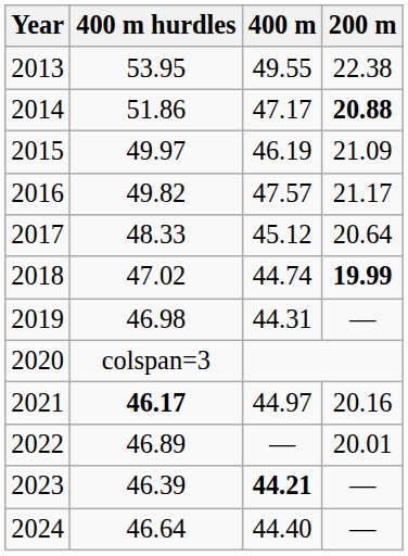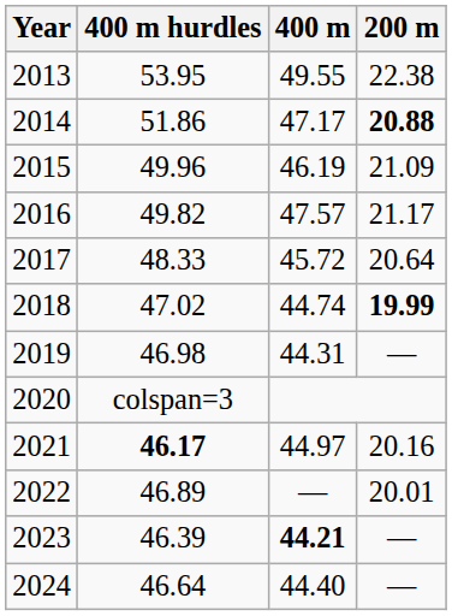 <table class="wikitable sortable" style=text-align:center>
 <tr>
 <th>Year</th>
 <th>400 m hurdles</th>
 <th>400 m</th>
 <th>200 m</th>
 </tr>
 <tr>
 <td>2013</td>
 <td>53.95</td>
 <td>49.55</td>
 <td>22.38</td>
 </tr>
 <tr>
 <td>2014</td>
 <td>51.86</td>
 <td>47.17</td>
 <td><strong>20.88</strong></td>
 </tr>
 <tr>
 <td>2015</td>
-<td>49.97</td>
+<td>49.96</td>
 <td>46.19</td>
 <td>21.09</td>
 </tr>
 <tr>
 <td>2016</td>
 <td>49.82</td>
 <td>47.57</td>
 <td>21.17</td>
 </tr>
 <tr>
 <td>2017</td>
 <td>48.33</td>
-<td>45.12</td>
+<td>45.72</td>
 <td>20.64</td>
 </tr>
 <tr>
 <td>2018</td>
 <td>47.02</td>
 <td>44.74</td>
 <td><strong>19.99</strong></td>
 </tr>
 <tr>
 <td>2019</td>
 <td>46.98</td>
 <td>44.31</td>
 <td data-sort-value=999>—</td>
 </tr>
 <tr>
 <td>2020</td>
 <td>colspan=3 </td>
 </tr>
 <tr>
 <td>2021</td>
 <td><strong>46.17</strong></td>
 <td>44.97</td>
 <td>20.16</td>
 </tr>
 <tr>
 <td>2022</td>
 <td>46.89</td>
 <td data-sort-value=999>—</td>
 <td>20.01</td>
 </tr>
 <tr>
 <td>2023</td>
 <td>46.39</td>
 <td><strong>44.21</strong></td>
 <td data-sort-value=999>—</td>
 </tr>
 <tr>
 <td>2024</td>
 <td>46.64</td>
 <td>44.40</td>
 <td data-sort-value=999>—</td>
 </tr>
 </table>
